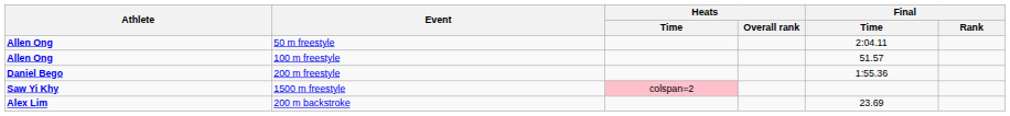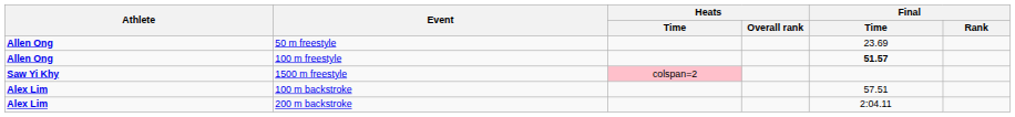 <table class="wikitable" width="75%" style="text-align:center; font-size:90%">
 <tr>
 <th rowspan="2" width="20%">Athlete</th>
 <th rowspan="2" width="25%">Event</th>
 <th colspan="2" width="15%">Heats</th>
 <th colspan="2" width="15%">Final</th>
 </tr>
 <tr>
 <th width="10%">Time</th>
 <th>Overall rank</th>
 <th width="10%">Time</th>
 <th>Rank</th>
 </tr>
 <tr>
 <td align=left><strong><a href='#'>Allen Ong</a></strong></td>
 <td align=left><a href='#'>50 m freestyle</a></td>
 <td></td>
 <td></td>
-<td>2:04.11</td>
+<td>23.69</td>
 <td></td>
 </tr>
 <tr>
 <td align=left><strong><a href='#'>Allen Ong</a></strong></td>
 <td align=left><a href='#'>100 m freestyle</a></td>
 <td></td>
 <td></td>
-<td>51.57</td>
-<td></td>
-</tr>
-<tr>
-<td align=left><strong><a href='#'>Daniel Bego</a></strong></td>
-<td align=left><a href='#'>200 m freestyle</a></td>
-<td></td>
-<td></td>
-<td>1:55.36</td>
+<td><strong>51.57</strong></td>
 <td></td>
 </tr>
 <tr>
 <td align=left><strong><a href='#'>Saw Yi Khy</a></strong></td>
 <td align=left><a href='#'>1500 m freestyle</a></td>
 <td style="background: pink;">colspan=2 </td>
 <td></td>
 <td></td>
 </tr>
 <tr>
 <td align=left><strong><a href='#'>Alex Lim</a></strong></td>
+<td align=left><a href='#'>100 m backstroke</a></td>
+<td></td>
+<td></td>
+<td>57.51</td>
+<td></td>
+</tr>
+<tr>
+<td align=left><strong><a href='#'>Alex Lim</a></strong></td>
 <td align=left><a href='#'>200 m backstroke</a></td>
 <td></td>
 <td></td>
-<td>23.69</td>
+<td>2:04.11</td>
 <td></td>
 </tr>
 </table>
